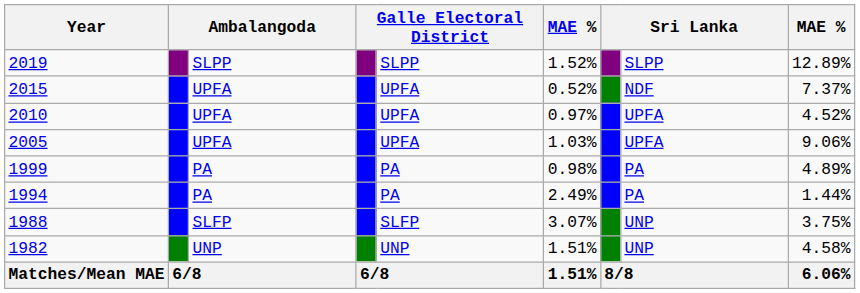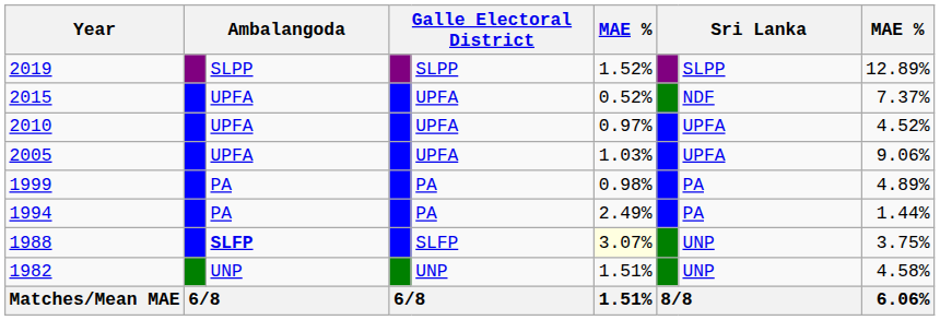 <table class="wikitable">
 <tr>
 <th>Year</th>
 <th colspan="2" width="144px">Ambalangoda</th>
 <th colspan="2" width="144px"><a href='#'>Galle Electoral District</a></th>
 <th><a href='#'>MAE</a> %</th>
 <th colspan="2" width="144px">Sri Lanka</th>
 <th>MAE %</th>
 </tr>
 <tr>
 <td><a href='#'>2019</a></td>
 <td style="background-color:purple;" width="10px"></td>
 <td style="text-align:left;"><a href='#'>SLPP</a></td>
 <td style="background-color:purple;" width="10px"></td>
 <td style="text-align:left;"><a href='#'>SLPP</a></td>
 <td style="text-align:right;">1.52%</td>
 <td style="background-color:purple;" width="10px"></td>
 <td style="text-align:left;"><a href='#'>SLPP</a></td>
 <td style="text-align:right;">12.89%</td>
 </tr>
 <tr>
 <td><a href='#'>2015</a></td>
 <td style="background-color:blue;" width="10px"></td>
 <td style="text-align:left;"><a href='#'>UPFA</a></td>
 <td style="background-color:blue;" width="10px"></td>
 <td style="text-align:left;"><a href='#'>UPFA</a></td>
 <td style="text-align:right;">0.52%</td>
 <td style="background-color:green;" width="10px"></td>
 <td style="text-align:left;"><a href='#'>NDF</a></td>
 <td style="text-align:right;">7.37%</td>
 </tr>
 <tr>
 <td><a href='#'>2010</a></td>
 <td style="background-color:blue;" width="10px"></td>
 <td style="text-align:left;"><a href='#'>UPFA</a></td>
 <td style="background-color:blue;" width="10px"></td>
 <td style="text-align:left;"><a href='#'>UPFA</a></td>
 <td style="text-align:right;">0.97%</td>
 <td style="background-color:blue;" width="10px"></td>
 <td style="text-align:left;"><a href='#'>UPFA</a></td>
 <td style="text-align:right;">4.52%</td>
 </tr>
 <tr>
 <td><a href='#'>2005</a></td>
 <td style="background-color:blue;" width="10px"></td>
 <td style="text-align:left;"><a href='#'>UPFA</a></td>
 <td style="background-color:blue;" width="10px"></td>
 <td style="text-align:left;"><a href='#'>UPFA</a></td>
 <td style="text-align:right;">1.03%</td>
 <td style="background-color:blue;" width="10px"></td>
 <td style="text-align:left;"><a href='#'>UPFA</a></td>
 <td style="text-align:right;">9.06%</td>
 </tr>
 <tr>
 <td><a href='#'>1999</a></td>
 <td style="background-color:blue;" width="10px"></td>
 <td style="text-align:left;"><a href='#'>PA</a></td>
 <td style="background-color:blue;" width="10px"></td>
 <td style="text-align:left;"><a href='#'>PA</a></td>
 <td style="text-align:right;">0.98%</td>
 <td style="background-color:blue;" width="10px"></td>
 <td style="text-align:left;"><a href='#'>PA</a></td>
 <td style="text-align:right;">4.89%</td>
 </tr>
 <tr>
 <td><a href='#'>1994</a></td>
 <td style="background-color:blue;" width="10px"></td>
 <td style="text-align:left;"><a href='#'>PA</a></td>
 <td style="background-color:blue;" width="10px"></td>
 <td style="text-align:left;"><a href='#'>PA</a></td>
 <td style="text-align:right;">2.49%</td>
 <td style="background-color:blue;" width="10px"></td>
 <td style="text-align:left;"><a href='#'>PA</a></td>
 <td style="text-align:right;">1.44%</td>
 </tr>
 <tr>
 <td><a href='#'>1988</a></td>
 <td style="background-color:blue;" width="10px"></td>
-<td style="text-align:left;"><a href='#'>SLFP</a></td>
+<td style="text-align:left;"><strong><a href='#'>SLFP</a></strong></td>
 <td style="background-color:blue;" width="10px"></td>
 <td style="text-align:left;"><a href='#'>SLFP</a></td>
-<td style="text-align:right;">3.07%</td>
+<td style="background: lightyellow; text-align:right;">3.07%</td>
 <td style="background-color:green;" width="10px"></td>
 <td style="text-align:left;"><a href='#'>UNP</a></td>
 <td style="text-align:right;">3.75%</td>
 </tr>
 <tr>
 <td><a href='#'>1982</a></td>
 <td style="background-color:green;" width="10px"></td>
 <td style="text-align:left;"><a href='#'>UNP</a></td>
 <td style="background-color:green;" width="10px"></td>
 <td style="text-align:left;"><a href='#'>UNP</a></td>
 <td style="text-align:right;">1.51%</td>
 <td style="background-color:green;" width="10px"></td>
 <td style="text-align:left;"><a href='#'>UNP</a></td>
 <td style="text-align:right;">4.58%</td>
 </tr>
 <tr>
 <th>Matches/Mean MAE</th>
 <th style="text-align:left;"colspan="2" width="144px">6/8</th>
 <th style="text-align:left;"colspan="2" width="144px">6/8</th>
 <th style="text-align:right;">1.51%</th>
 <th style="text-align:left;"colspan="2" width="144px">8/8</th>
 <th style="text-align:right;">6.06%</th>
 </tr>
 </table>
